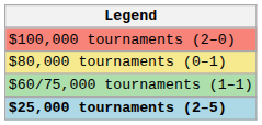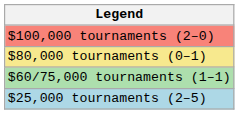 <table class="wikitable" style="font-size:85%;">
 <tr>
 <th>Legend</th>
 </tr>
 <tr style="background:#f88379;">
 <td>$100,000 tournaments (2–0)</td>
 </tr>
 <tr style="background:#f7e98e;">
 <td>$80,000 tournaments (0–1)</td>
 </tr>
 <tr style="background:#addfad;">
 <td>$60/75,000 tournaments (1–1)</td>
 </tr>
 <tr style="background:lightblue;">
-<td><strong>$25,000 tournaments (2–5)</strong></td>
+<td>$25,000 tournaments (2–5)</td>
 </tr>
 </table>
